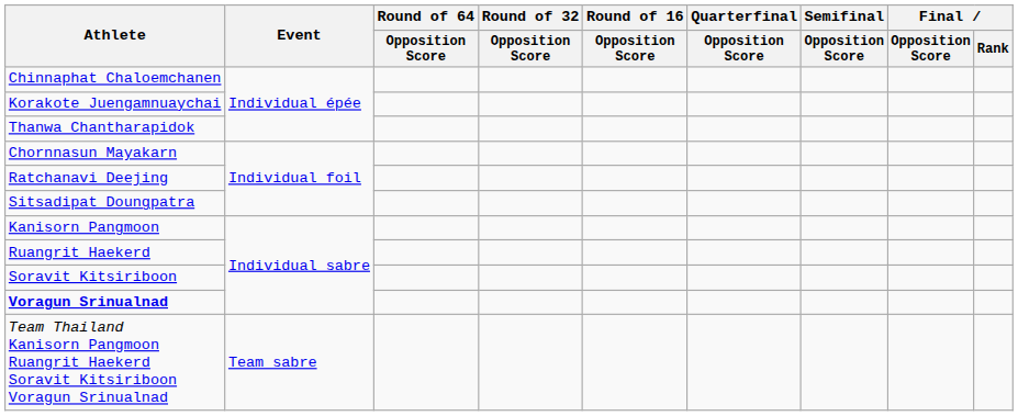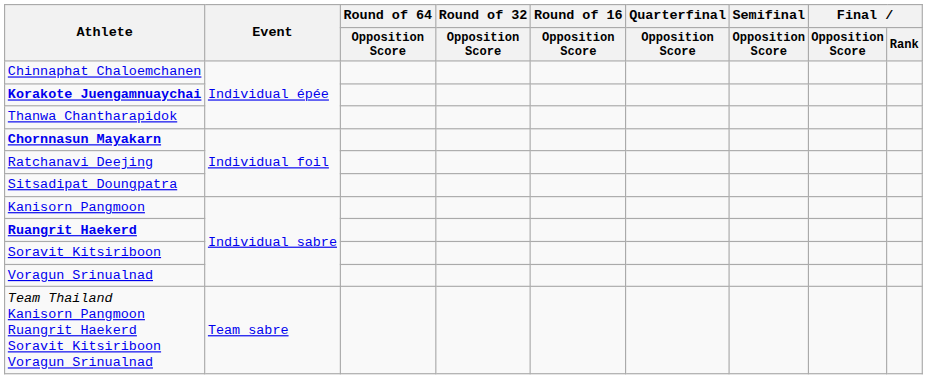 <table class="wikitable" style="font-size:90%">
 <tr>
 <th rowspan=2>Athlete</th>
 <th rowspan=2>Event</th>
 <th>Round of 64</th>
 <th>Round of 32</th>
 <th>Round of 16</th>
 <th>Quarterfinal</th>
 <th>Semifinal</th>
 <th colspan=2>Final / </th>
 </tr>
 <tr style="font-size:90%">
 <th>Opposition<br>Score</th>
 <th>Opposition<br>Score</th>
 <th>Opposition<br>Score</th>
 <th>Opposition<br>Score</th>
 <th>Opposition<br>Score</th>
 <th>Opposition<br>Score</th>
 <th>Rank</th>
 </tr>
 <tr align=center>
 <td align=left><a href='#'>Chinnaphat Chaloemchanen</a></td>
 <td rowspan=3 align=left><a href='#'>Individual épée</a></td>
 <td></td>
 <td></td>
 <td></td>
 <td></td>
 <td></td>
 <td></td>
 <td></td>
 </tr>
 <tr align=center>
-<td align=left><a href='#'>Korakote Juengamnuaychai</a></td>
+<td align=left><strong><a href='#'>Korakote Juengamnuaychai</a></strong></td>
 <td></td>
 <td></td>
 <td></td>
 <td></td>
 <td></td>
 <td></td>
 <td></td>
 </tr>
 <tr align=center>
 <td align=left><a href='#'>Thanwa Chantharapidok</a></td>
 <td></td>
 <td></td>
 <td></td>
 <td></td>
 <td></td>
 <td></td>
 <td></td>
 </tr>
 <tr align=center>
-<td align=left><a href='#'>Chornnasun Mayakarn</a></td>
+<td align=left><strong><a href='#'>Chornnasun Mayakarn</a></strong></td>
 <td rowspan=3 align=left><a href='#'>Individual foil</a></td>
 <td></td>
 <td></td>
 <td></td>
 <td></td>
 <td></td>
 <td></td>
 <td></td>
 </tr>
 <tr align=center>
 <td align=left><a href='#'>Ratchanavi Deejing</a></td>
 <td></td>
 <td></td>
 <td></td>
 <td></td>
 <td></td>
 <td></td>
 <td></td>
 </tr>
 <tr align=center>
 <td align=left><a href='#'>Sitsadipat Doungpatra</a></td>
 <td></td>
 <td></td>
 <td></td>
 <td></td>
 <td></td>
 <td></td>
 <td></td>
 </tr>
 <tr align=center>
 <td align=left><a href='#'>Kanisorn Pangmoon</a></td>
 <td rowspan=4 align=left><a href='#'>Individual sabre</a></td>
 <td></td>
 <td></td>
 <td></td>
 <td></td>
 <td></td>
 <td></td>
 <td></td>
 </tr>
 <tr align=center>
-<td align=left><a href='#'>Ruangrit Haekerd</a></td>
+<td align=left><strong><a href='#'>Ruangrit Haekerd</a></strong></td>
 <td></td>
 <td></td>
 <td></td>
 <td></td>
 <td></td>
 <td></td>
 <td></td>
 </tr>
 <tr align=center>
 <td align=left><a href='#'>Soravit Kitsiriboon</a></td>
 <td></td>
 <td></td>
 <td></td>
 <td></td>
 <td></td>
 <td></td>
 <td></td>
 </tr>
 <tr align=center>
-<td align=left><strong><a href='#'>Voragun Srinualnad</a></strong></td>
+<td align=left><a href='#'>Voragun Srinualnad</a></td>
 <td></td>
 <td></td>
 <td></td>
 <td></td>
 <td></td>
 <td></td>
 <td></td>
 </tr>
 <tr align=center>
 <td align=left><em>Team Thailand</em><br><a href='#'>Kanisorn Pangmoon</a><br><a href='#'>Ruangrit Haekerd</a><br><a href='#'>Soravit Kitsiriboon</a><br><a href='#'>Voragun Srinualnad</a></td>
 <td align=left><a href='#'>Team sabre</a></td>
 <td></td>
 <td></td>
 <td></td>
 <td></td>
 <td></td>
 <td></td>
 <td></td>
 </tr>
 </table>
